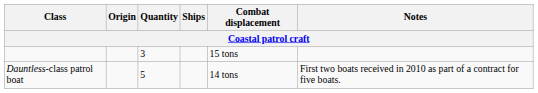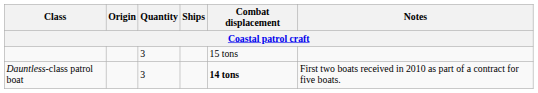 <table class="wikitable">
 <tr>
 <th>Class</th>
 <th>Origin</th>
 <th>Quantity</th>
 <th>Ships</th>
 <th>Combat displacement</th>
 <th>Notes</th>
 </tr>
 <tr>
 <th colspan=6><a href='#'>Coastal patrol craft</a></th>
 </tr>
 <tr>
 <td></td>
 <td></td>
 <td>3</td>
 <td></td>
 <td>15 tons</td>
 <td></td>
 </tr>
 <tr>
 <td><em>Dauntless</em>-class patrol boat</td>
 <td></td>
-<td>5</td>
+<td>3</td>
 <td></td>
-<td>14 tons</td>
+<td><strong>14 tons</strong></td>
 <td>First two boats received in 2010 as part of a contract for five boats.</td>
 </tr>
 </table>
